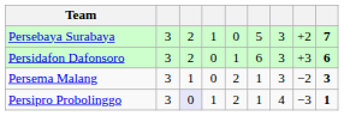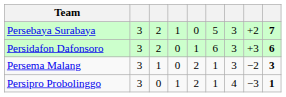 <table class="wikitable" style="text-align:center">
 <tr>
 <th style="width:175px;">Team</th>
 <th width="20"></th>
 <th width="20"></th>
 <th width="20"></th>
 <th width="20"></th>
 <th width="20"></th>
 <th width="20"></th>
 <th width="20"></th>
 <th width="20"></th>
 </tr>
 <tr style="background:#cfc;">
 <td align=left><a href='#'>Persebaya Surabaya</a></td>
 <td>3</td>
 <td>2</td>
 <td>1</td>
 <td>0</td>
 <td>5</td>
 <td>3</td>
 <td>+2</td>
 <td><strong>7</strong></td>
 </tr>
 <tr style="background:#cfc;">
 <td align=left><a href='#'>Persidafon Dafonsoro</a></td>
 <td>3</td>
 <td>2</td>
 <td>0</td>
 <td>1</td>
 <td>6</td>
 <td>3</td>
 <td>+3</td>
 <td><strong>6</strong></td>
 </tr>
 <tr>
 <td align=left><a href='#'>Persema Malang</a></td>
 <td>3</td>
 <td>1</td>
 <td>0</td>
 <td>2</td>
 <td>1</td>
 <td>3</td>
 <td>−2</td>
 <td><strong>3</strong></td>
 </tr>
 <tr>
 <td align=left><a href='#'>Persipro Probolinggo</a></td>
 <td>3</td>
-<td style="background: lavender;">0</td>
+<td>0</td>
 <td>1</td>
 <td>2</td>
 <td>1</td>
 <td>4</td>
 <td>−3</td>
 <td><strong>1</strong></td>
 </tr>
 </table>
